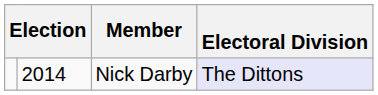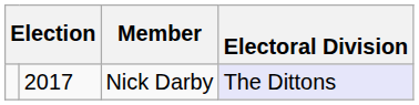 <table class="wikitable">
 <tr>
 <th colspan="2">Election</th>
 <th>Member</th>
 <th><br>Electoral Division</th>
 </tr>
 <tr>
 <td style="background-color: "></td>
-<td>2014</td>
+<td>2017</td>
 <td>Nick Darby</td>
 <td style="background: lavender;">The Dittons</td>
 </tr>
 </table>
